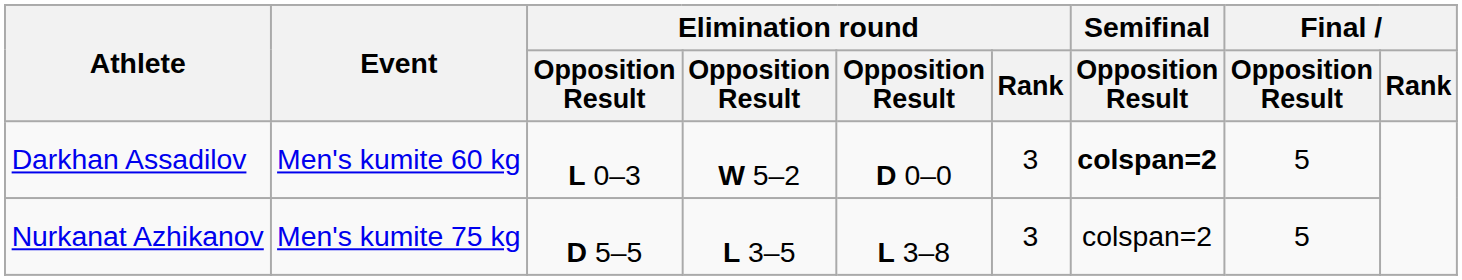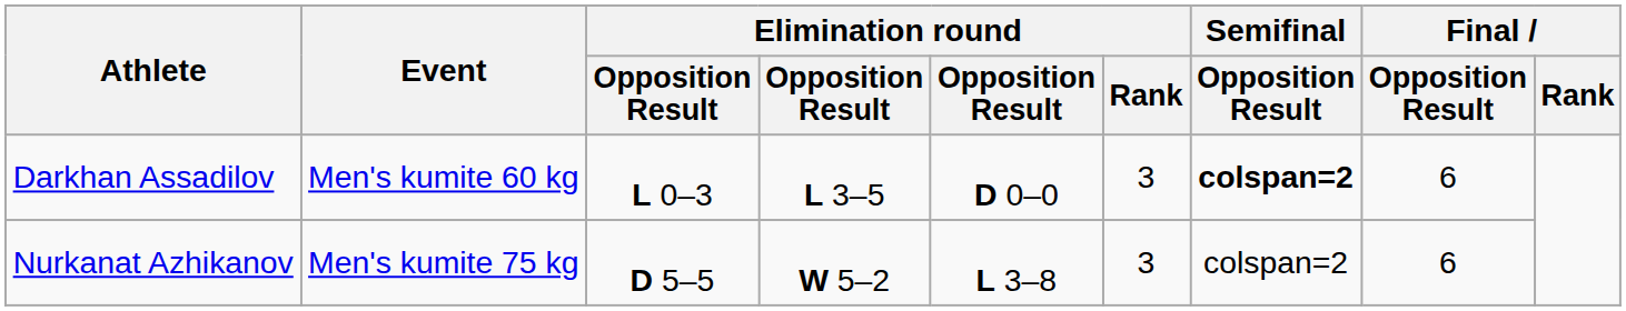 <table class=wikitable style=font-size:90%;text-align:center>
 <tr>
 <th rowspan=2>Athlete</th>
 <th rowspan=2>Event</th>
 <th colspan=4>Elimination round</th>
 <th>Semifinal</th>
 <th colspan=2>Final / </th>
 </tr>
 <tr style=font-size:95%>
 <th>Opposition<br>Result</th>
 <th>Opposition<br>Result</th>
 <th>Opposition<br>Result</th>
 <th>Rank</th>
 <th>Opposition<br>Result</th>
 <th>Opposition<br>Result</th>
 <th>Rank</th>
 </tr>
 <tr>
 <td align=left><a href='#'>Darkhan Assadilov</a></td>
 <td align=left><a href='#'>Men's kumite 60 kg</a></td>
 <td><br><strong>L</strong> 0–3</td>
-<td><br><strong>W</strong> 5–2</td>
+<td><br><strong>L</strong> 3–5</td>
 <td><br><strong>D</strong> 0–0</td>
 <td>3</td>
 <td><strong>colspan=2 </strong></td>
-<td>5</td>
+<td>6</td>
 </tr>
 <tr>
 <td align=left><a href='#'>Nurkanat Azhikanov</a></td>
 <td align=left><a href='#'>Men's kumite 75 kg</a></td>
 <td><br><strong>D</strong> 5–5</td>
-<td><br><strong>L</strong> 3–5</td>
+<td><br><strong>W</strong> 5–2</td>
 <td><br><strong>L</strong> 3–8</td>
 <td>3</td>
 <td>colspan=2 </td>
-<td>5</td>
+<td>6</td>
 </tr>
 </table>
